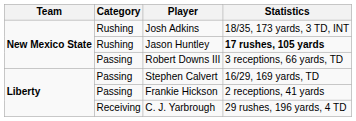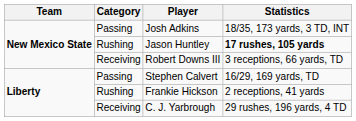 <table class="wikitable" style="float: left;">
 <tr>
 <th>Team</th>
 <th>Category</th>
 <th>Player</th>
 <th>Statistics</th>
 </tr>
 <tr>
 <td rowspan=3><strong>New Mexico State</strong></td>
-<td>Rushing</td>
+<td>Passing</td>
 <td>Josh Adkins</td>
 <td>18/35, 173 yards, 3 TD, INT</td>
 </tr>
 <tr>
 <td>Rushing</td>
 <td>Jason Huntley</td>
 <td><strong>17 rushes, 105 yards</strong></td>
 </tr>
 <tr>
-<td>Passing</td>
+<td>Receiving</td>
 <td>Robert Downs III</td>
 <td>3 receptions, 66 yards, TD</td>
 </tr>
 <tr>
 <td rowspan=3><strong>Liberty</strong></td>
 <td>Passing</td>
 <td>Stephen Calvert</td>
 <td>16/29, 169 yards, TD</td>
 </tr>
 <tr>
-<td>Passing</td>
+<td>Rushing</td>
 <td>Frankie Hickson</td>
 <td>2 receptions, 41 yards</td>
 </tr>
 <tr>
 <td>Receiving</td>
 <td>C. J. Yarbrough</td>
 <td>29 rushes, 196 yards, 4 TD</td>
 </tr>
 </table>
